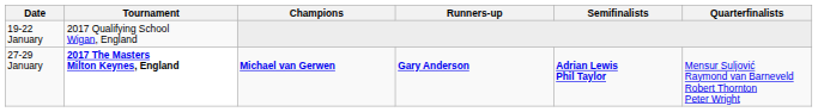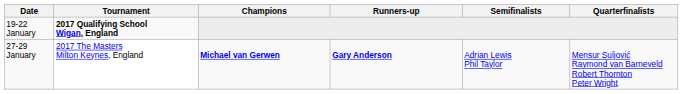 <table class=wikitable style=font-size:85%>
 <tr>
 <th width=75>Date</th>
 <th width=230>Tournament</th>
 <th width=210>Champions</th>
 <th width=210>Runners-up</th>
 <th width=170>Semifinalists</th>
 <th width=170>Quarterfinalists</th>
 </tr>
 <tr valign="top">
 <td rowspan=1>19-22 January</td>
-<td>2017 Qualifying School <br><a href='#'>Wigan</a>, England</td>
+<td><strong>2017 Qualifying School <br><a href='#'>Wigan</a>, England</strong></td>
 <td colspan=4 bgcolor="#ededed"></td>
 </tr>
 <tr valign="top">
 <td>27-29 January</td>
-<td bgcolor="#ffffff"><strong><a href='#'>2017 The Masters</a><br><a href='#'>Milton Keynes</a>, England</strong></td>
+<td bgcolor="#ffffff"><a href='#'>2017 The Masters</a><br><a href='#'>Milton Keynes</a>, England</td>
 <td><br> <strong><a href='#'>Michael van Gerwen</a></strong></td>
 <td><strong><br> <a href='#'>Gary Anderson</a></strong></td>
-<td><strong><br> <a href='#'>Adrian Lewis</a> <br>  <a href='#'>Phil Taylor</a></strong></td>
+<td><br> <a href='#'>Adrian Lewis</a> <br>  <a href='#'>Phil Taylor</a></td>
 <td><br> <a href='#'>Mensur Suljović</a> <br>  <a href='#'>Raymond van Barneveld</a> <br>  <a href='#'>Robert Thornton</a> <br>  <a href='#'>Peter Wright</a></td>
 </tr>
 </table>
